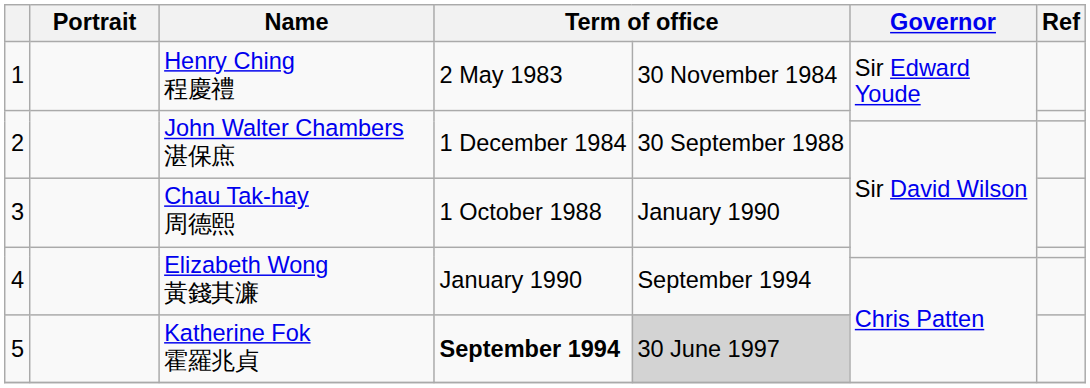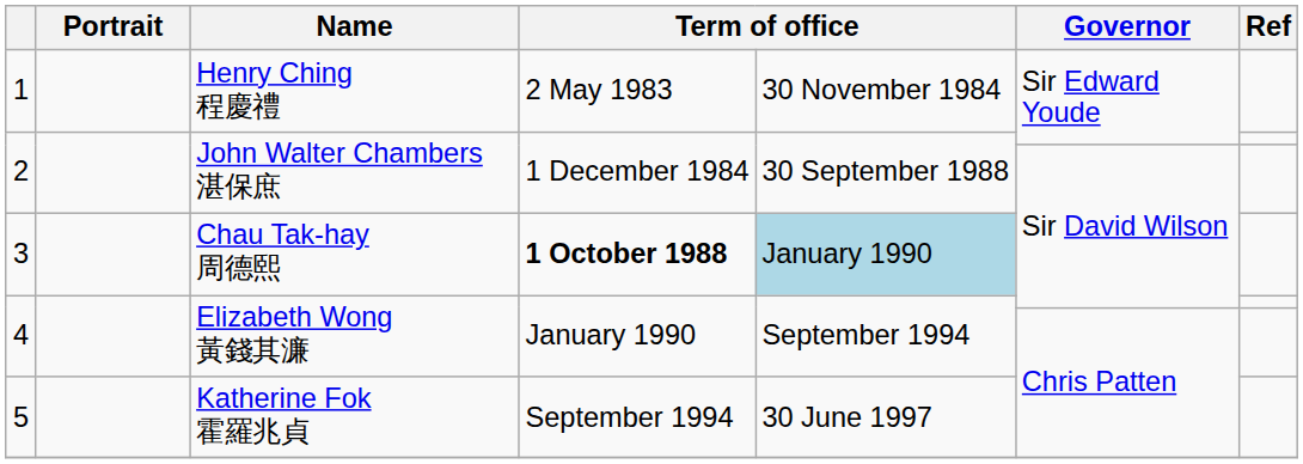 <table class="wikitable"  style="text-align:left">
 <tr>
 <th width=10px></th>
 <th width=80px>Portrait</th>
 <th width=180px>Name</th>
 <th width=180px colspan=2>Term of office</th>
 <th width=120px><a href='#'>Governor</a></th>
 <th>Ref</th>
 </tr>
 <tr>
 <td align=center>1</td>
 <td></td>
 <td><a href='#'>Henry Ching</a><br>程慶禮</td>
 <td>2 May 1983</td>
 <td>30 November 1984</td>
 <td rowspan=2>Sir <a href='#'>Edward Youde</a><br></td>
 <td></td>
 </tr>
 <tr>
 <td rowspan=2 align=center>2</td>
 <td rowspan=2></td>
 <td rowspan=2><a href='#'>John Walter Chambers</a><br>湛保庶</td>
 <td rowspan=2>1 December 1984</td>
 <td rowspan=2>30 September 1988</td>
 <td></td>
 </tr>
 <tr>
 <td rowspan=3>Sir <a href='#'>David Wilson</a><br></td>
 <td></td>
 </tr>
 <tr>
 <td align=center>3</td>
 <td></td>
 <td><a href='#'>Chau Tak-hay</a><br>周德熙</td>
-<td>1 October 1988</td>
-<td>January 1990</td>
+<td><strong>1 October 1988</strong></td>
+<td style="background: lightblue;">January 1990</td>
 <td></td>
 </tr>
 <tr>
 <td rowspan=2 align=center>4</td>
 <td rowspan=2></td>
 <td rowspan=2><a href='#'>Elizabeth Wong</a><br>黃錢其濂</td>
 <td rowspan=2>January 1990</td>
 <td rowspan=2>September 1994</td>
 <td></td>
 </tr>
 <tr>
 <td rowspan=2><a href='#'>Chris Patten</a><br></td>
 <td></td>
 </tr>
 <tr>
 <td align=center>5</td>
 <td></td>
 <td><a href='#'>Katherine Fok</a><br>霍羅兆貞</td>
-<td><strong>September 1994</strong></td>
-<td style="background: lightgrey;">30 June 1997</td>
+<td>September 1994</td>
+<td>30 June 1997</td>
 <td></td>
 </tr>
 <tr>
 </tr>
 </table>
